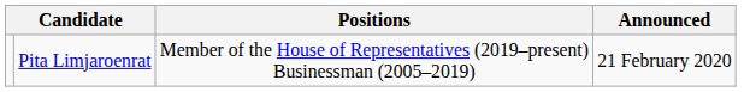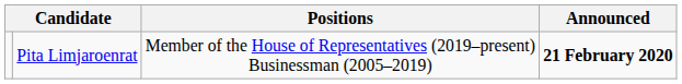 <table class="wikitable sortable" style="text-align:center">
 <tr>
 <th colspan="2">Candidate</th>
 <th>Positions</th>
 <th>Announced</th>
 </tr>
 <tr>
 <td></td>
 <td><a href='#'>Pita Limjaroenrat</a> </td>
 <td>Member of the <a href='#'>House of Representatives</a> (2019–present)<br>Businessman  (2005–2019)</td>
-<td>21 February 2020</td>
+<td><strong>21 February 2020</strong></td>
 </tr>
 </table>
